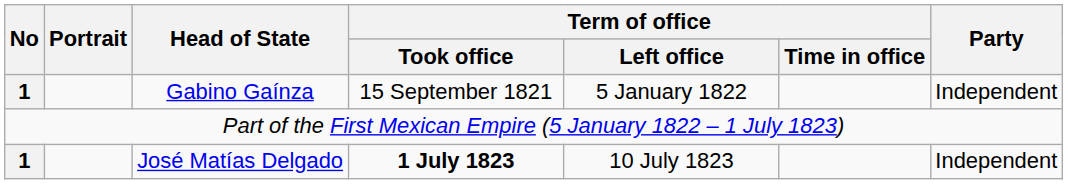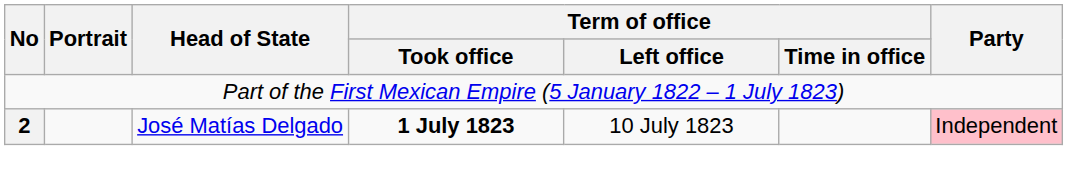 <table class="wikitable" style="text-align:center">
 <tr>
 <th rowspan="2">No</th>
 <th rowspan="2">Portrait</th>
 <th rowspan="2">Head of State</th>
 <th colspan="3">Term of office</th>
 <th rowspan="2">Party</th>
 </tr>
 <tr style="background:#cccccc">
 <th width="150">Took office</th>
 <th width="150">Left office</th>
 <th>Time in office</th>
 </tr>
 <tr>
-<th style="background:">1</th>
-<td></td>
-<td><a href='#'>Gabino Gaínza</a></td>
-<td>15 September 1821</td>
-<td>5 January 1822</td>
-<td></td>
-<td>Independent</td>
-</tr>
-<tr>
 <td colspan="7"><em>Part of the <a href='#'>First Mexican Empire</a> (<a href='#'>5 January 1822 – 1 July 1823</a>)</em></td>
 </tr>
 <tr>
-<th style="background:">1</th>
+<th style="background:">2</th>
 <td></td>
 <td><a href='#'>José Matías Delgado</a></td>
 <td><strong>1 July 1823</strong></td>
 <td>10 July 1823</td>
 <td></td>
-<td>Independent</td>
+<td style="background: pink;">Independent</td>
 </tr>
 </table>
